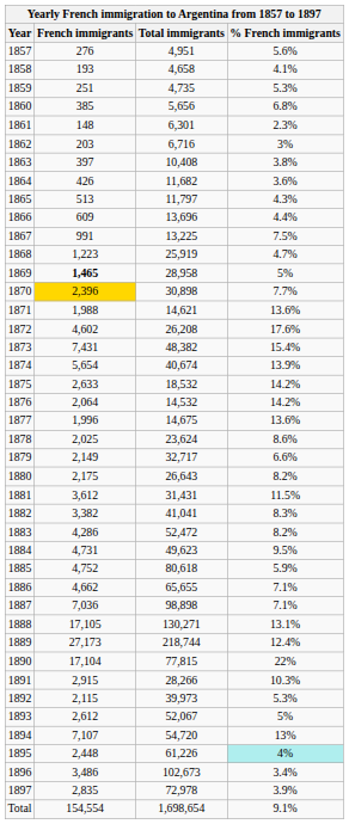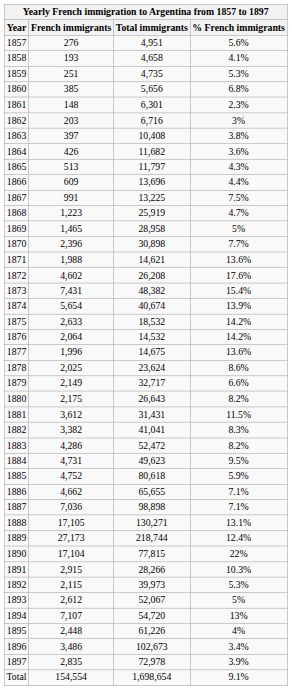 <table class="wikitable" style="text-align:center;">
 <tr>
 <th colspan=5>Yearly French immigration to Argentina from 1857 to 1897</th>
 </tr>
 <tr>
 <th>Year</th>
 <th>French immigrants</th>
 <th>Total immigrants</th>
 <th>% French immigrants</th>
 </tr>
 <tr>
 <td>1857</td>
 <td>276</td>
 <td>4,951</td>
 <td>5.6%</td>
 </tr>
 <tr>
 <td>1858</td>
 <td>193</td>
 <td>4,658</td>
 <td>4.1%</td>
 </tr>
 <tr>
 <td>1859</td>
 <td>251</td>
 <td>4,735</td>
 <td>5.3%</td>
 </tr>
 <tr>
 <td>1860</td>
 <td>385</td>
 <td>5,656</td>
 <td>6.8%</td>
 </tr>
 <tr>
 <td>1861</td>
 <td>148</td>
 <td>6,301</td>
 <td>2.3%</td>
 </tr>
 <tr>
 <td>1862</td>
 <td>203</td>
 <td>6,716</td>
 <td>3%</td>
 </tr>
 <tr>
 <td>1863</td>
 <td>397</td>
 <td>10,408</td>
 <td>3.8%</td>
 </tr>
 <tr>
 <td>1864</td>
 <td>426</td>
 <td>11,682</td>
 <td>3.6%</td>
 </tr>
 <tr>
 <td>1865</td>
 <td>513</td>
 <td>11,797</td>
 <td>4.3%</td>
 </tr>
 <tr>
 <td>1866</td>
 <td>609</td>
 <td>13,696</td>
 <td>4.4%</td>
 </tr>
 <tr>
 <td>1867</td>
 <td>991</td>
 <td>13,225</td>
 <td>7.5%</td>
 </tr>
 <tr>
 <td>1868</td>
 <td>1,223</td>
 <td>25,919</td>
 <td>4.7%</td>
 </tr>
 <tr>
 <td>1869</td>
-<td><strong>1,465</strong></td>
+<td>1,465</td>
 <td>28,958</td>
 <td>5%</td>
 </tr>
 <tr>
 <td>1870</td>
-<td style="background: gold;">2,396</td>
+<td>2,396</td>
 <td>30,898</td>
 <td>7.7%</td>
 </tr>
 <tr>
 <td>1871</td>
 <td>1,988</td>
 <td>14,621</td>
 <td>13.6%</td>
 </tr>
 <tr>
 <td>1872</td>
 <td>4,602</td>
 <td>26,208</td>
 <td>17.6%</td>
 </tr>
 <tr>
 <td>1873</td>
 <td>7,431</td>
 <td>48,382</td>
 <td>15.4%</td>
 </tr>
 <tr>
 <td>1874</td>
 <td>5,654</td>
 <td>40,674</td>
 <td>13.9%</td>
 </tr>
 <tr>
 <td>1875</td>
 <td>2,633</td>
 <td>18,532</td>
 <td>14.2%</td>
 </tr>
 <tr>
 <td>1876</td>
 <td>2,064</td>
 <td>14,532</td>
 <td>14.2%</td>
 </tr>
 <tr>
 <td>1877</td>
 <td>1,996</td>
 <td>14,675</td>
 <td>13.6%</td>
 </tr>
 <tr>
 <td>1878</td>
 <td>2,025</td>
 <td>23,624</td>
 <td>8.6%</td>
 </tr>
 <tr>
 <td>1879</td>
 <td>2,149</td>
 <td>32,717</td>
 <td>6.6%</td>
 </tr>
 <tr>
 <td>1880</td>
 <td>2,175</td>
 <td>26,643</td>
 <td>8.2%</td>
 </tr>
 <tr>
 <td>1881</td>
 <td>3,612</td>
 <td>31,431</td>
 <td>11.5%</td>
 </tr>
 <tr>
 <td>1882</td>
 <td>3,382</td>
 <td>41,041</td>
 <td>8.3%</td>
 </tr>
 <tr>
 <td>1883</td>
 <td>4,286</td>
 <td>52,472</td>
 <td>8.2%</td>
 </tr>
 <tr>
 <td>1884</td>
 <td>4,731</td>
 <td>49,623</td>
 <td>9.5%</td>
 </tr>
 <tr>
 <td>1885</td>
 <td>4,752</td>
 <td>80,618</td>
 <td>5.9%</td>
 </tr>
 <tr>
 <td>1886</td>
 <td>4,662</td>
 <td>65,655</td>
 <td>7.1%</td>
 </tr>
 <tr>
 <td>1887</td>
 <td>7,036</td>
 <td>98,898</td>
 <td>7.1%</td>
 </tr>
 <tr>
 <td>1888</td>
 <td>17,105</td>
 <td>130,271</td>
 <td>13.1%</td>
 </tr>
 <tr>
 <td>1889</td>
 <td>27,173</td>
 <td>218,744</td>
 <td>12.4%</td>
 </tr>
 <tr>
 <td>1890</td>
 <td>17,104</td>
 <td>77,815</td>
 <td>22%</td>
 </tr>
 <tr>
 <td>1891</td>
 <td>2,915</td>
 <td>28,266</td>
 <td>10.3%</td>
 </tr>
 <tr>
 <td>1892</td>
 <td>2,115</td>
 <td>39,973</td>
 <td>5.3%</td>
 </tr>
 <tr>
 <td>1893</td>
 <td>2,612</td>
 <td>52,067</td>
 <td>5%</td>
 </tr>
 <tr>
 <td>1894</td>
 <td>7,107</td>
 <td>54,720</td>
 <td>13%</td>
 </tr>
 <tr>
 <td>1895</td>
 <td>2,448</td>
 <td>61,226</td>
-<td style="background: paleturquoise;">4%</td>
+<td>4%</td>
 </tr>
 <tr>
 <td>1896</td>
 <td>3,486</td>
 <td>102,673</td>
 <td>3.4%</td>
 </tr>
 <tr>
 <td>1897</td>
 <td>2,835</td>
 <td>72,978</td>
 <td>3.9%</td>
 </tr>
 <tr>
 <td>Total</td>
 <td>154,554</td>
 <td>1,698,654</td>
 <td>9.1%</td>
 </tr>
 </table>
